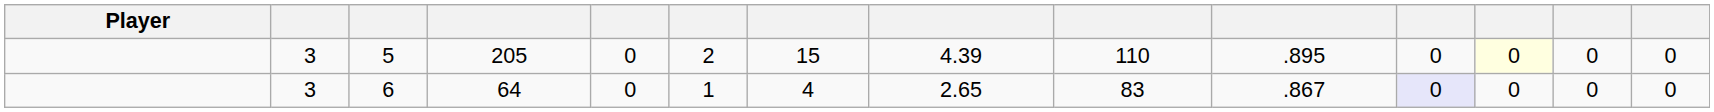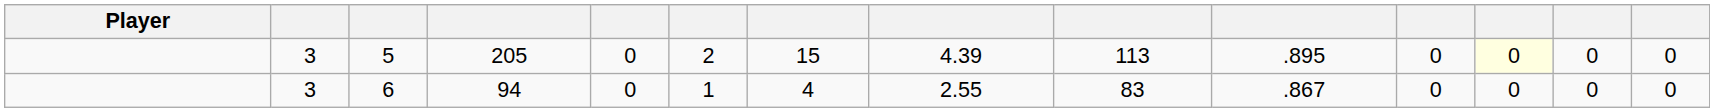 <table class="wikitable sortable" style="width:100%; text-align:center;">
 <tr style="text-align:center; background:#ddd;">
 <th>Player</th>
 <th></th>
 <th></th>
 <th></th>
 <th></th>
 <th></th>
 <th></th>
 <th></th>
 <th></th>
 <th></th>
 <th></th>
 <th></th>
 <th></th>
 <th></th>
 </tr>
 <tr align=center>
 <td style=white-space:nowrap></td>
 <td>3</td>
 <td>5</td>
 <td>205</td>
 <td>0</td>
 <td>2</td>
 <td>15</td>
 <td>4.39</td>
-<td>110</td>
+<td>113</td>
 <td>.895</td>
 <td>0</td>
 <td style="background: lightyellow;">0</td>
 <td>0</td>
 <td>0</td>
 </tr>
 <tr>
 <td style=white-space:nowrap></td>
 <td>3</td>
 <td>6</td>
-<td>64</td>
+<td>94</td>
 <td>0</td>
 <td>1</td>
 <td>4</td>
-<td>2.65</td>
+<td>2.55</td>
 <td>83</td>
 <td>.867</td>
-<td style="background: lavender;">0</td>
+<td>0</td>
 <td>0</td>
 <td>0</td>
 <td>0</td>
 </tr>
 </table>
